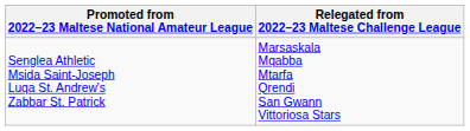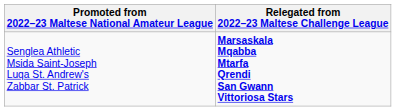 <table class="wikitable">
 <tr>
 <th>Promoted from<br><a href='#'>2022–23 Maltese National Amateur League</a></th>
 <th>Relegated from<br><a href='#'>2022–23 Maltese Challenge League</a></th>
 </tr>
 <tr>
 <td><a href='#'>Senglea Athletic</a><br><a href='#'>Msida Saint-Joseph</a><br><a href='#'>Luqa St. Andrew's</a><br><a href='#'>Zabbar St. Patrick</a></td>
-<td><a href='#'>Marsaskala</a><br><a href='#'>Mqabba</a><br><a href='#'>Mtarfa</a><br><a href='#'>Qrendi</a><br><a href='#'>San Gwann</a><br><a href='#'>Vittoriosa Stars</a></td>
+<td><strong><a href='#'>Marsaskala</a><br><a href='#'>Mqabba</a><br><a href='#'>Mtarfa</a><br><a href='#'>Qrendi</a><br><a href='#'>San Gwann</a><br><a href='#'>Vittoriosa Stars</a></strong></td>
 </tr>
 </table>
